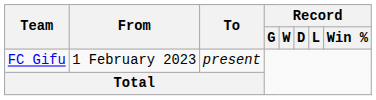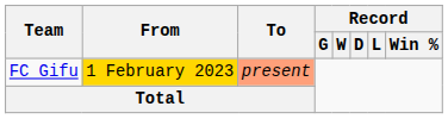 <table class="wikitable" style="text-align: left">
 <tr>
 <th rowspan="2">Team</th>
 <th rowspan="2">From</th>
 <th rowspan="2">To</th>
 <th colspan="8">Record</th>
 </tr>
 <tr>
 <th>G</th>
 <th>W</th>
 <th>D</th>
 <th>L</th>
 <th>Win %</th>
 </tr>
 <tr>
 <td><a href='#'>FC Gifu</a></td>
-<td>1 February 2023</td>
-<td><em>present</em><br></td>
+<td style="background: gold;">1 February 2023</td>
+<td style="background: lightsalmon;"><em>present</em><br></td>
 </tr>
 <tr>
 <th colspan="3">Total<br></th>
 </tr>
 </table>
